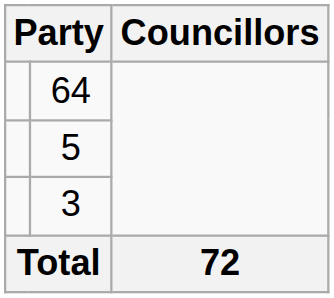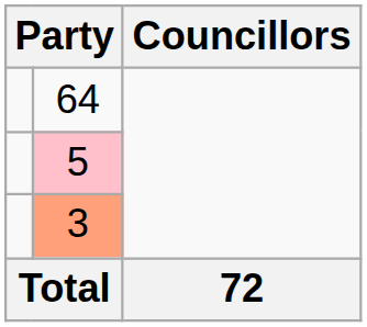 <table class="wikitable">
 <tr>
 <th colspan=2>Party</th>
 <th>Councillors</th>
 </tr>
 <tr>
 <td></td>
 <td align=center>64</td>
 </tr>
 <tr>
 <td></td>
-<td align=center>5</td>
+<td align=center style="background: pink;">5</td>
 </tr>
 <tr>
 <td></td>
-<td align=center>3</td>
+<td align=center style="background: lightsalmon;">3</td>
 </tr>
 <tr>
 <th colspan=2>Total</th>
 <th align=center>72</th>
 </tr>
 </table>
